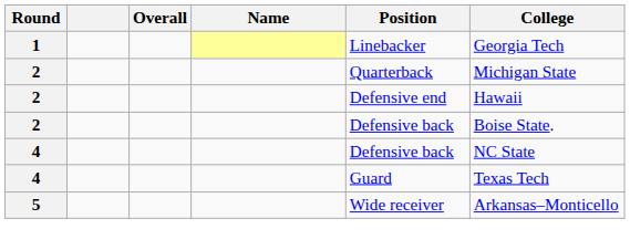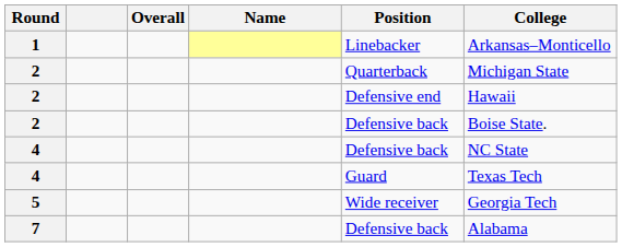 <table class="wikitable sortable">
 <tr>
 <th scope="col" style="width: 10%;">Round</th>
 <th scope="col" style="width: 10%;"></th>
 <th scope="col" style="width: 10%;">Overall</th>
 <th scope="col" style="width: 25%;">Name</th>
 <th scope="col" style="width: 20%;">Position</th>
 <th scope="col" style="width: 25%;">College</th>
 </tr>
 <tr>
 <th scope="row">1</th>
 <td></td>
 <td></td>
 <td style="background-color: #FFFF99;"> </td>
 <td><a href='#'>Linebacker</a></td>
-<td><a href='#'>Georgia Tech</a></td>
+<td><a href='#'>Arkansas–Monticello</a></td>
 </tr>
 <tr>
 <th scope="row">2</th>
 <td></td>
 <td></td>
 <td></td>
 <td><a href='#'>Quarterback</a></td>
 <td><a href='#'>Michigan State</a></td>
 </tr>
 <tr>
 <th scope="row">2</th>
 <td></td>
 <td></td>
 <td></td>
 <td><a href='#'>Defensive end</a></td>
 <td><a href='#'>Hawaii</a></td>
 </tr>
 <tr>
 <th scope="row">2</th>
 <td></td>
 <td></td>
 <td></td>
 <td><a href='#'>Defensive back</a></td>
 <td><a href='#'>Boise State</a>.</td>
 </tr>
 <tr>
 <th scope="row">4</th>
 <td></td>
 <td></td>
 <td></td>
 <td><a href='#'>Defensive back</a></td>
 <td><a href='#'>NC State</a></td>
 </tr>
 <tr>
 <th scope="row">4</th>
 <td></td>
 <td></td>
 <td></td>
 <td><a href='#'>Guard</a></td>
 <td><a href='#'>Texas Tech</a></td>
 </tr>
 <tr>
 <th scope="row">5</th>
 <td></td>
 <td></td>
 <td></td>
 <td><a href='#'>Wide receiver</a></td>
-<td><a href='#'>Arkansas–Monticello</a></td>
+<td><a href='#'>Georgia Tech</a></td>
+</tr>
+<tr>
+<th scope="row">7</th>
+<td></td>
+<td></td>
+<td></td>
+<td><a href='#'>Defensive back</a></td>
+<td><a href='#'>Alabama</a></td>
 </tr>
 </table>
